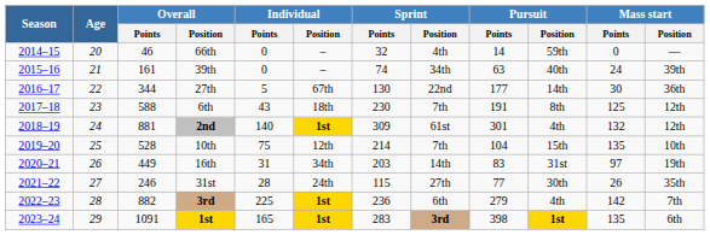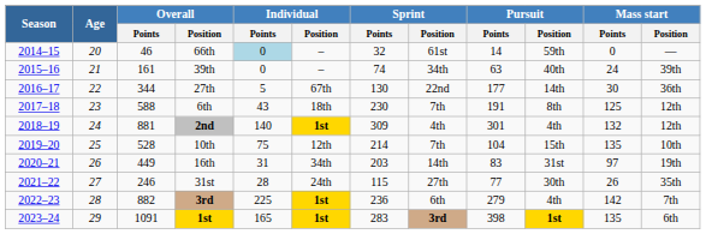 <table class="wikitable" style="text-align:center;" width="75%">
 <tr class="hintergrundfarbe5">
 </tr>
 <tr style="background:#efefef;">
 <th rowspan="2" style="background-color:#369; color:white; width:65px">Season</th>
 <th rowspan="2" style="background-color:#369; color:white; width:40px">Age</th>
 <th colspan="2" style="background-color:#4180be; color:white; width:116px;">Overall</th>
 <th colspan="2" style="background-color:#4180be; color:white; width:116px;">Individual</th>
 <th colspan="2" style="background-color:#4180be; color:white; width:116px;">Sprint</th>
 <th colspan="2" style="background-color:#4180be; color:white; width:116px;">Pursuit</th>
 <th colspan="2" style="background-color:#4180be; color:white; width:116px;">Mass start</th>
 </tr>
 <tr class="hintergrundfarbe5">
 <th style="width:55px;"><small>Points</small></th>
 <th style="width:55px;"><small>Position</small></th>
 <th style="width:55px;"><small>Points</small></th>
 <th style="width:55px;"><small>Position</small></th>
 <th style="width:55px;"><small>Points</small></th>
 <th style="width:55px;"><small>Position</small></th>
 <th style="width:55px;"><small>Points</small></th>
 <th style="width:55px;"><small>Position</small></th>
 <th style="width:55px;"><small>Points</small></th>
 <th style="width:55px;"><small>Position</small></th>
 </tr>
 <tr>
 <td><a href='#'>2014–15</a></td>
 <td><em>20</em></td>
 <td>46</td>
 <td>66th</td>
-<td>0</td>
+<td style="background: lightblue;">0</td>
 <td>–</td>
 <td>32</td>
-<td>4th</td>
+<td>61st</td>
 <td>14</td>
 <td>59th</td>
 <td>0</td>
 <td>—</td>
 </tr>
 <tr>
 <td><a href='#'>2015–16</a></td>
 <td><em>21</em></td>
 <td>161</td>
 <td>39th</td>
 <td>0</td>
 <td>–</td>
 <td>74</td>
 <td>34th</td>
 <td>63</td>
 <td>40th</td>
 <td>24</td>
 <td>39th</td>
 </tr>
 <tr>
 <td><a href='#'>2016–17</a></td>
 <td><em>22</em></td>
 <td>344</td>
 <td>27th</td>
 <td>5</td>
 <td>67th</td>
 <td>130</td>
 <td>22nd</td>
 <td>177</td>
 <td>14th</td>
 <td>30</td>
 <td>36th</td>
 </tr>
 <tr>
 <td><a href='#'>2017–18</a></td>
 <td><em>23</em></td>
 <td>588</td>
 <td>6th</td>
 <td>43</td>
 <td>18th</td>
 <td>230</td>
 <td>7th</td>
 <td>191</td>
 <td>8th</td>
 <td>125</td>
 <td>12th</td>
 </tr>
 <tr>
 <td><a href='#'>2018–19</a></td>
 <td><em>24</em></td>
 <td>881</td>
 <td style="background:silver;"><strong>2nd</strong></td>
 <td>140</td>
 <td align=center bgcolor="gold"><strong>1st</strong></td>
 <td>309</td>
-<td>61st</td>
+<td>4th</td>
 <td>301</td>
 <td>4th</td>
 <td>132</td>
 <td>12th</td>
 </tr>
 <tr>
 <td><a href='#'>2019–20</a></td>
 <td><em>25</em></td>
 <td>528</td>
 <td>10th</td>
 <td>75</td>
 <td>12th</td>
 <td>214</td>
 <td>7th</td>
 <td>104</td>
 <td>15th</td>
 <td>135</td>
 <td>10th</td>
 </tr>
 <tr>
 <td><a href='#'>2020–21</a></td>
 <td><em>26</em></td>
 <td>449</td>
 <td>16th</td>
 <td>31</td>
 <td>34th</td>
 <td>203</td>
 <td>14th</td>
 <td>83</td>
 <td>31st</td>
 <td>97</td>
 <td>19th</td>
 </tr>
 <tr>
 <td><a href='#'>2021–22</a></td>
 <td><em>27</em></td>
 <td>246</td>
 <td>31st</td>
 <td>28</td>
 <td>24th</td>
 <td>115</td>
 <td>27th</td>
 <td>77</td>
 <td>30th</td>
 <td>26</td>
 <td>35th</td>
 </tr>
 <tr>
 <td><a href='#'>2022–23</a></td>
 <td><em>28</em></td>
 <td>882</td>
 <td style="background:#cfaa88;"><strong>3rd</strong></td>
 <td>225</td>
 <td align=center bgcolor="gold"><strong>1st</strong></td>
 <td>236</td>
 <td>6th</td>
 <td>279</td>
 <td>4th</td>
 <td>142</td>
 <td>7th</td>
 </tr>
 <tr>
 <td><a href='#'>2023–24</a></td>
 <td><em>29</em></td>
 <td>1091</td>
 <td bgcolor="gold"><strong>1st</strong></td>
 <td>165</td>
 <td align=center bgcolor="gold"><strong>1st</strong></td>
 <td>283</td>
 <td style="background:#cfaa88;"><strong>3rd</strong></td>
 <td>398</td>
 <td align=center bgcolor="gold"><strong>1st</strong></td>
 <td>135</td>
 <td>6th</td>
 </tr>
 </table>
